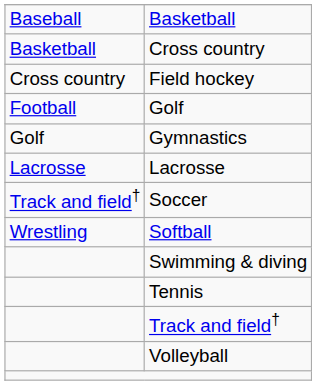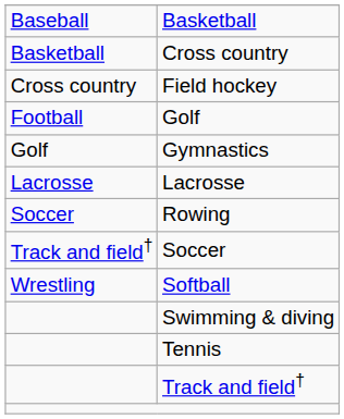 <table class="wikitable" style="float:right; clear:right; margin:0 0 1em 1em;">
 <tr>
 </tr>
 <tr>
 <td><a href='#'>Baseball</a></td>
 <td><a href='#'>Basketball</a></td>
 </tr>
 <tr>
 <td><a href='#'>Basketball</a></td>
 <td>Cross country</td>
 </tr>
 <tr>
 <td>Cross country</td>
 <td>Field hockey</td>
 </tr>
 <tr>
 <td><a href='#'>Football</a></td>
 <td>Golf</td>
 </tr>
 <tr>
 <td>Golf</td>
 <td>Gymnastics</td>
 </tr>
 <tr>
 <td><a href='#'>Lacrosse</a></td>
 <td>Lacrosse</td>
 </tr>
 <tr>
+<td><a href='#'>Soccer</a></td>
+<td>Rowing</td>
+</tr>
+<tr>
 <td><a href='#'>Track and field</a><sup>†</sup></td>
 <td>Soccer</td>
 </tr>
 <tr>
 <td><a href='#'>Wrestling</a></td>
 <td><a href='#'>Softball</a></td>
 </tr>
 <tr>
 <td></td>
 <td>Swimming & diving</td>
 </tr>
 <tr>
 <td></td>
 <td>Tennis</td>
 </tr>
 <tr>
 <td></td>
 <td><a href='#'>Track and field</a><sup>†</sup></td>
 </tr>
 <tr>
-<td></td>
-<td>Volleyball</td>
-</tr>
-<tr>
 <td colspan="2"></td>
 </tr>
 </table>
